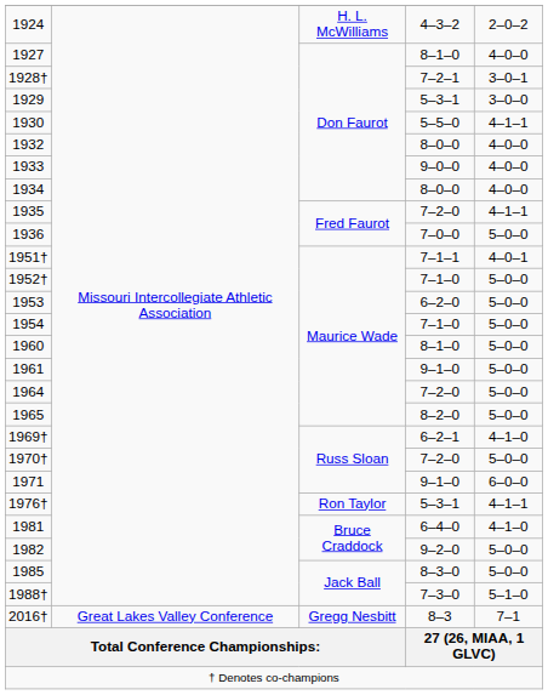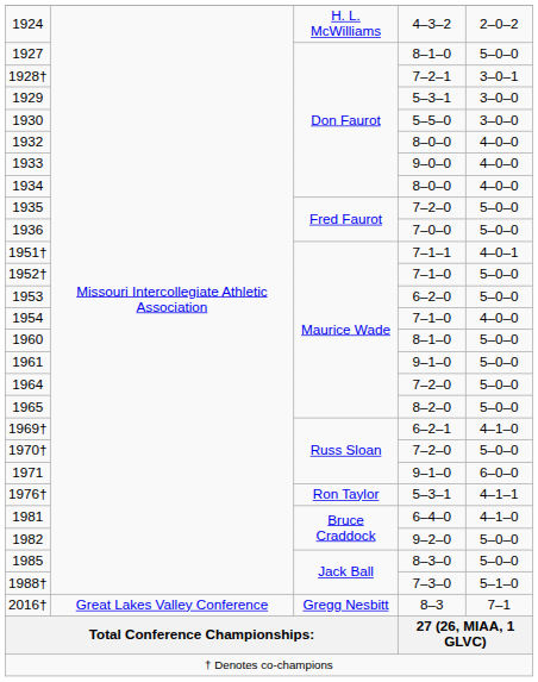 <table class="wikitable" style="text-align:center">
 <tr>
 </tr>
 <tr align="center">
 <td>1924</td>
 <td rowspan="26"><a href='#'>Missouri Intercollegiate Athletic Association</a></td>
 <td><a href='#'>H. L. McWilliams</a></td>
 <td>4–3–2</td>
 <td>2–0–2</td>
 </tr>
 <tr align="center">
 <td>1927</td>
 <td rowspan="7"><a href='#'>Don Faurot</a></td>
 <td>8–1–0</td>
-<td>4–0–0</td>
+<td>5–0–0</td>
 </tr>
 <tr align="center">
 <td>1928†</td>
 <td>7–2–1</td>
 <td>3–0–1</td>
 </tr>
 <tr align="center">
 <td>1929</td>
 <td>5–3–1</td>
 <td>3–0–0</td>
 </tr>
 <tr align="center">
 <td>1930</td>
 <td>5–5–0</td>
-<td>4–1–1</td>
+<td>3–0–0</td>
 </tr>
 <tr align="center">
 <td>1932</td>
 <td>8–0–0</td>
 <td>4–0–0</td>
 </tr>
 <tr align="center">
 <td>1933</td>
 <td>9–0–0</td>
 <td>4–0–0</td>
 </tr>
 <tr align="center">
 <td>1934</td>
 <td>8–0–0</td>
 <td>4–0–0</td>
 </tr>
 <tr align="center">
 <td>1935</td>
 <td rowspan="2"><a href='#'>Fred Faurot</a></td>
 <td>7–2–0</td>
-<td>4–1–1</td>
+<td>5–0–0</td>
 </tr>
 <tr align="center">
 <td>1936</td>
 <td>7–0–0</td>
 <td>5–0–0</td>
 </tr>
 <tr align="center">
 <td>1951†</td>
 <td rowspan="8"><a href='#'>Maurice Wade</a></td>
 <td>7–1–1</td>
 <td>4–0–1</td>
 </tr>
 <tr align="center">
 <td>1952†</td>
 <td>7–1–0</td>
 <td>5–0–0</td>
 </tr>
 <tr align="center">
 <td>1953</td>
 <td>6–2–0</td>
 <td>5–0–0</td>
 </tr>
 <tr align="center">
 <td>1954</td>
 <td>7–1–0</td>
-<td>5–0–0</td>
+<td>4–0–0</td>
 </tr>
 <tr align="center">
 <td>1960</td>
 <td>8–1–0</td>
 <td>5–0–0</td>
 </tr>
 <tr align="center">
 <td>1961</td>
 <td>9–1–0</td>
 <td>5–0–0</td>
 </tr>
 <tr align="center">
 <td>1964</td>
 <td>7–2–0</td>
 <td>5–0–0</td>
 </tr>
 <tr align="center">
 <td>1965</td>
 <td>8–2–0</td>
 <td>5–0–0</td>
 </tr>
 <tr align="center">
 <td>1969†</td>
 <td rowspan="3"><a href='#'>Russ Sloan</a></td>
 <td>6–2–1</td>
 <td>4–1–0</td>
 </tr>
 <tr align="center">
 <td>1970†</td>
 <td>7–2–0</td>
 <td>5–0–0</td>
 </tr>
 <tr align="center">
 <td>1971</td>
 <td>9–1–0</td>
 <td>6–0–0</td>
 </tr>
 <tr align="center">
 <td>1976†</td>
 <td><a href='#'>Ron Taylor</a></td>
 <td>5–3–1</td>
 <td>4–1–1</td>
 </tr>
 <tr align="center">
 <td>1981</td>
 <td rowspan="2"><a href='#'>Bruce Craddock</a></td>
 <td>6–4–0</td>
 <td>4–1–0</td>
 </tr>
 <tr align="center">
 <td>1982</td>
 <td>9–2–0</td>
 <td>5–0–0</td>
 </tr>
 <tr align="center">
 <td>1985</td>
 <td rowspan="2"><a href='#'>Jack Ball</a></td>
 <td>8–3–0</td>
 <td>5–0–0</td>
 </tr>
 <tr align="center">
 <td>1988†</td>
 <td>7–3–0</td>
 <td>5–1–0</td>
 </tr>
 <tr align="center">
 <td>2016†</td>
 <td><a href='#'>Great Lakes Valley Conference</a></td>
 <td><a href='#'>Gregg Nesbitt</a></td>
 <td>8–3</td>
 <td>7–1</td>
 </tr>
 <tr align="center">
 <th colspan=3><strong>Total Conference Championships:</strong></th>
 <th colspan=2><strong>27 (26, MIAA, 1 GLVC)</strong></th>
 </tr>
 <tr>
 <td colspan=7><small>† Denotes co-champions</small></td>
 </tr>
 </table>
